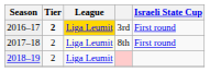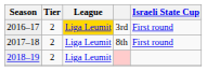 <table class="wikitable" style="font-size:85%">
 <tr bgcolor=>
 <th>Season</th>
 <th>Tier</th>
 <th>League</th>
 <th></th>
 <th><a href='#'>Israeli State Cup</a></th>
 </tr>
 <tr>
 <td style="background:#efefef;">2016–17</td>
-<td align=center><strong>2</strong></td>
+<td align=center>2</td>
 <td style="background: gold;"><a href='#'>Liga Leumit</a></td>
 <td align=center>3rd</td>
 <td><a href='#'>First round</a></td>
 </tr>
 <tr>
 <td style="background:#efefef;">2017–18</td>
 <td style="text-align:center;">2</td>
-<td style="background: lightyellow;"><a href='#'>Liga Leumit</a></td>
+<td><a href='#'>Liga Leumit</a></td>
 <td align=center>8th</td>
 <td><a href='#'>First round</a></td>
 </tr>
 <tr>
 <td style="background:#efefef;"><a href='#'>2018–19</a></td>
 <td style="text-align:center;">2</td>
 <td><a href='#'>Liga Leumit</a></td>
 <td bgcolor=#fcc></td>
 <td></td>
 </tr>
 <tr>
 </tr>
 </table>
